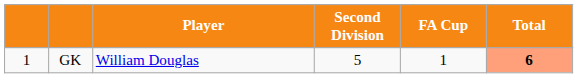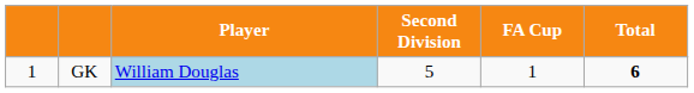 <table class="wikitable sortable" style="text-align:center; font-size:90%;">
 <tr>
 <th style="background-color:#F68712; color:#FFFFFF; width:35px;"></th>
 <th style="background-color:#F68712; color:#FFFFFF; width:35px;"></th>
 <th style="background-color:#F68712; color:#FFFFFF; width:205px;">Player</th>
 <th style="background-color:#F68712; color:#FFFFFF; width:75px;">Second Division</th>
 <th style="background-color:#F68712; color:#FFFFFF; width:75px;">FA Cup</th>
 <th style="background-color:#F68712; color:#FFFFFF; width:75px;">Total</th>
 </tr>
 <tr>
 </tr>
 <tr>
 <td>1</td>
 <td>GK</td>
-<td align="left"> <a href='#'>William Douglas</a></td>
+<td align="left" style="background: lightblue;"> <a href='#'>William Douglas</a></td>
 <td>5</td>
 <td>1</td>
-<td style="background: lightsalmon;"><strong>6</strong></td>
+<td><strong>6</strong></td>
 </tr>
 </table>
